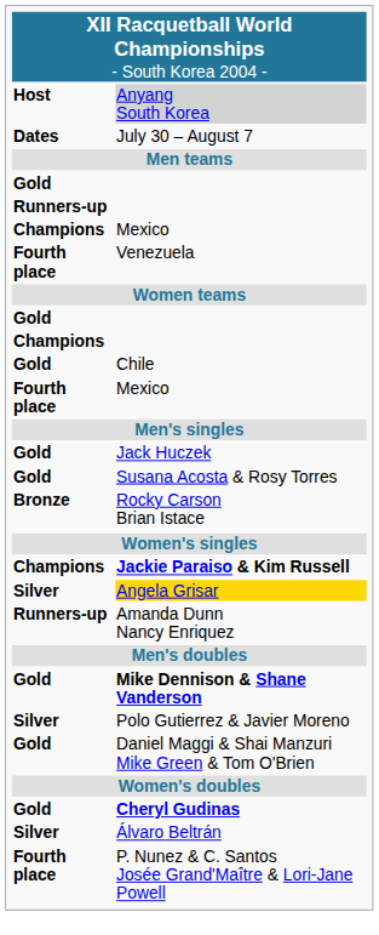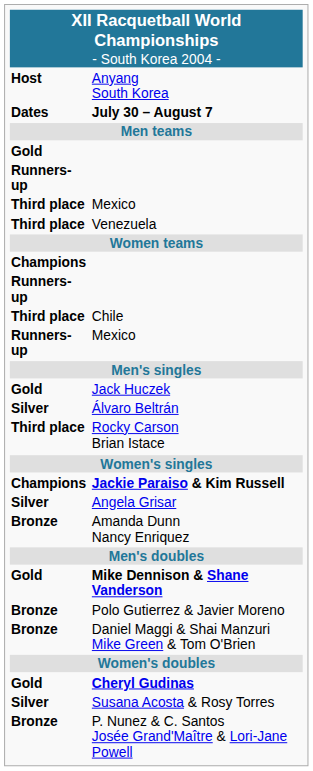 <table class="infobox" style="font-size: 90%; width: 22em;">
 <tr>
 <td colspan="2" style="background: #227799; text-align: center; color:#ffffff;"><big><strong>XII Racquetball World Championships</strong></big><br>- South Korea 2004 -</td>
 </tr>
 <tr style="vertical-align:top;">
 <td><strong>Host</strong></td>
-<td style="background: lightgrey;"><a href='#'>Anyang</a> <br> <a href='#'>South Korea</a></td>
+<td><a href='#'>Anyang</a> <br> <a href='#'>South Korea</a></td>
 </tr>
 <tr style="vertical-align:top;">
 <td><strong>Dates</strong></td>
-<td>July 30 – August 7</td>
+<td><strong>July 30 – August 7</strong></td>
 </tr>
 <tr style="vertical-align:top;">
 <td colspan="2" style="background: #dfdfdf; text-align: center; color:#227799;"><strong>Men teams</strong></td>
 </tr>
 <tr style="vertical-align:top;">
 <td><strong>Gold</strong> </td>
 <td></td>
 </tr>
 <tr>
 <td><strong>Runners-up</strong> </td>
 <td></td>
 </tr>
 <tr>
-<td><strong>Champions</strong> </td>
+<td><strong>Third place</strong> </td>
 <td> Mexico</td>
 </tr>
 <tr>
-<td><strong>Fourth place</strong></td>
+<td><strong>Third place</strong> </td>
 <td> Venezuela</td>
 </tr>
 <tr style="vertical-align:top;">
 <td colspan="2" style="background: #dfdfdf; text-align: center; color:#227799;"><strong>Women teams</strong></td>
 </tr>
 <tr style="vertical-align:top;">
-<td><strong>Gold</strong> </td>
-<td></td>
-</tr>
-<tr>
 <td><strong>Champions</strong> </td>
 <td></td>
 </tr>
 <tr>
-<td><strong>Gold</strong> </td>
+<td><strong>Runners-up</strong> </td>
+<td></td>
+</tr>
+<tr>
+<td><strong>Third place</strong> </td>
 <td> Chile</td>
 </tr>
 <tr>
-<td><strong>Fourth place</strong></td>
+<td><strong>Runners-up</strong> </td>
 <td> Mexico</td>
 </tr>
 <tr>
 <td colspan="2" style="background: #dfdfdf; text-align: center; color:#227799;"><strong>Men's singles</strong></td>
 </tr>
 <tr style="vertical-align:top;">
 <td><strong>Gold</strong> </td>
 <td> <a href='#'>Jack Huczek</a></td>
 </tr>
 <tr>
-<td><strong>Gold</strong> </td>
-<td> <a href='#'>Susana Acosta</a> & Rosy Torres</td>
+<td><strong>Silver</strong> </td>
+<td> <a href='#'>Álvaro Beltrán</a></td>
 </tr>
 <tr>
-<td><strong>Bronze</strong> </td>
+<td><strong>Third place</strong> </td>
 <td> <a href='#'>Rocky Carson</a><br> Brian Istace</td>
 </tr>
 <tr style="vertical-align:top;">
 </tr>
 <tr style="vertical-align:top;">
 <td colspan="2" style="background: #dfdfdf; text-align: center; color:#227799;"><strong>Women's singles</strong></td>
 </tr>
 <tr style="vertical-align:top;">
 <td><strong>Champions</strong> </td>
 <td> <strong><a href='#'>Jackie Paraiso</a> & Kim Russell</strong></td>
 </tr>
 <tr>
 <td><strong>Silver</strong> </td>
-<td style="background: gold;"> <a href='#'>Angela Grisar</a></td>
+<td> <a href='#'>Angela Grisar</a></td>
 </tr>
 <tr>
-<td><strong>Runners-up</strong> </td>
+<td><strong>Bronze</strong> </td>
 <td> Amanda Dunn<br> Nancy Enriquez</td>
 </tr>
 <tr style="vertical-align:top;">
 <td colspan="2" style="background: #dfdfdf; text-align: center; color:#227799;"><strong>Men's doubles</strong></td>
 </tr>
 <tr style="vertical-align:top;">
 <td><strong>Gold</strong> </td>
 <td> <strong>Mike Dennison & <a href='#'>Shane Vanderson</a></strong></td>
 </tr>
 <tr>
-<td><strong>Silver</strong> </td>
+<td><strong>Bronze</strong> </td>
 <td> Polo Gutierrez & Javier Moreno</td>
 </tr>
 <tr>
-<td><strong>Gold</strong> </td>
+<td><strong>Bronze</strong> </td>
 <td> Daniel Maggi & Shai Manzuri<br> <a href='#'>Mike Green</a> & Tom O'Brien</td>
 </tr>
 <tr style="vertical-align:top;">
 <td colspan="2" style="background: #dfdfdf; text-align: center; color:#227799;"><strong>Women's doubles</strong></td>
 </tr>
 <tr style="vertical-align:top;">
 <td><strong>Gold</strong> </td>
 <td> <strong><a href='#'>Cheryl Gudinas</a></strong></td>
 </tr>
 <tr>
 <td><strong>Silver</strong> </td>
-<td> <a href='#'>Álvaro Beltrán</a></td>
+<td> <a href='#'>Susana Acosta</a> & Rosy Torres</td>
 </tr>
 <tr>
-<td><strong>Fourth place</strong></td>
+<td><strong>Bronze</strong> </td>
 <td> P. Nunez & C. Santos<br> <a href='#'>Josée Grand'Maître</a> & <a href='#'>Lori-Jane Powell</a></td>
 </tr>
 </table>
